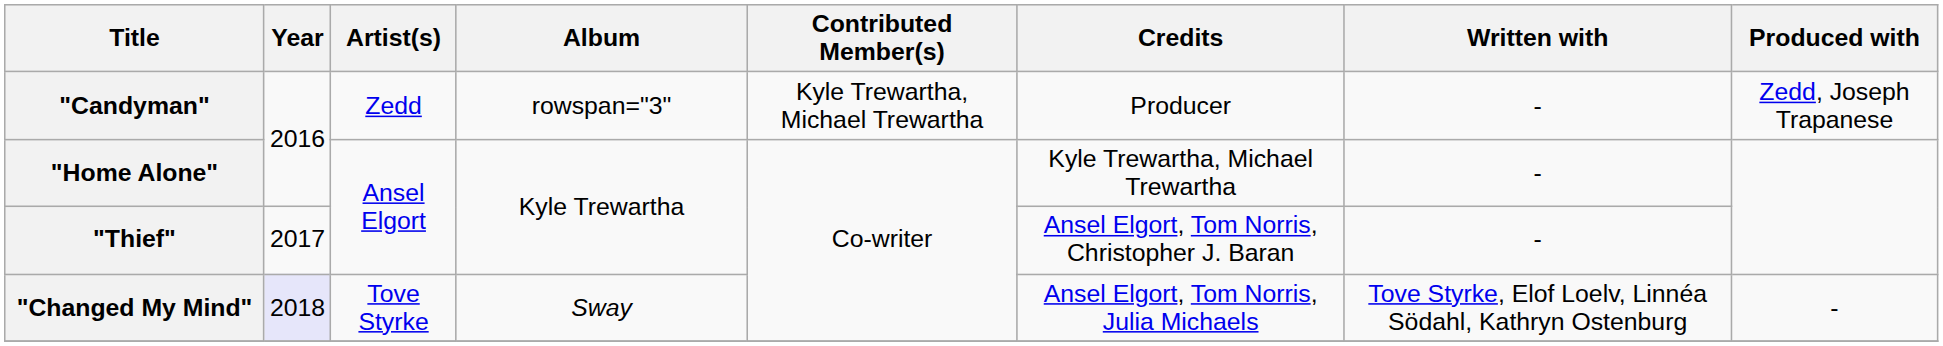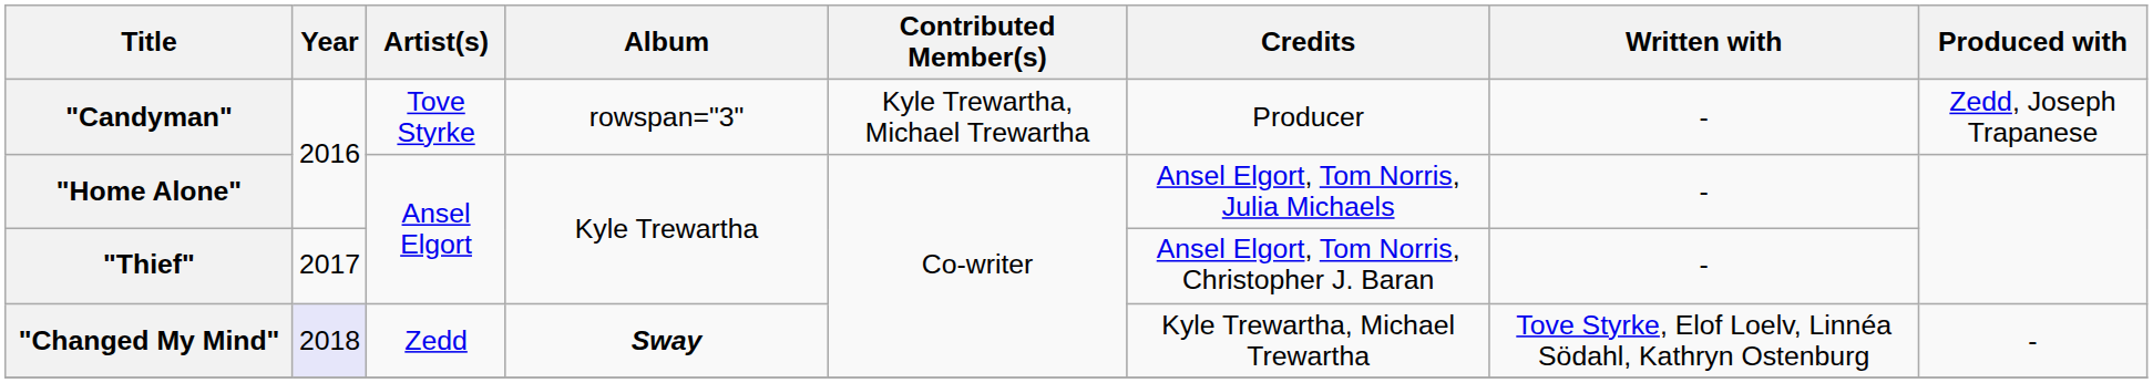 <table class="wikitable plainrowheaders" style="text-align:center;">
 <tr>
 <th scope="col" style="width:160px;">Title</th>
 <th scope="col">Year</th>
 <th scope="col">Artist(s)</th>
 <th scope="col" style="width:180px;">Album</th>
 <th scope="col">Contributed<br>Member(s)</th>
 <th scope="col">Credits</th>
 <th scope="col">Written with</th>
 <th scope="col">Produced with</th>
 </tr>
 <tr>
 <th scope="row">"Candyman"<br></th>
 <td rowspan="2">2016</td>
-<td><a href='#'>Zedd</a></td>
+<td><a href='#'>Tove Styrke</a></td>
 <td>rowspan="3" </td>
 <td>Kyle Trewartha, Michael Trewartha</td>
 <td>Producer</td>
 <td>-</td>
 <td><a href='#'>Zedd</a>, Joseph Trapanese</td>
 </tr>
 <tr>
 <th scope="row">"Home Alone"</th>
 <td rowspan="2"><a href='#'>Ansel Elgort</a></td>
 <td rowspan="2">Kyle Trewartha</td>
 <td rowspan="3">Co-writer</td>
-<td>Kyle Trewartha, Michael Trewartha</td>
+<td><a href='#'>Ansel Elgort</a>, <a href='#'>Tom Norris</a>, <a href='#'>Julia Michaels</a></td>
 <td>-</td>
 </tr>
 <tr>
 <th scope="row">"Thief"</th>
 <td>2017</td>
 <td><a href='#'>Ansel Elgort</a>, <a href='#'>Tom Norris</a>, Christopher J. Baran</td>
 <td>-</td>
 </tr>
 <tr>
 <th scope="row">"Changed My Mind"</th>
 <td style="background: lavender;">2018</td>
-<td><a href='#'>Tove Styrke</a></td>
-<td><em>Sway</em></td>
-<td><a href='#'>Ansel Elgort</a>, <a href='#'>Tom Norris</a>, <a href='#'>Julia Michaels</a></td>
+<td><a href='#'>Zedd</a></td>
+<td><strong><em>Sway</em></strong></td>
+<td>Kyle Trewartha, Michael Trewartha</td>
 <td><a href='#'>Tove Styrke</a>, Elof Loelv, Linnéa Södahl, Kathryn Ostenburg</td>
 <td>-</td>
 </tr>
 <tr>
 </tr>
 </table>
